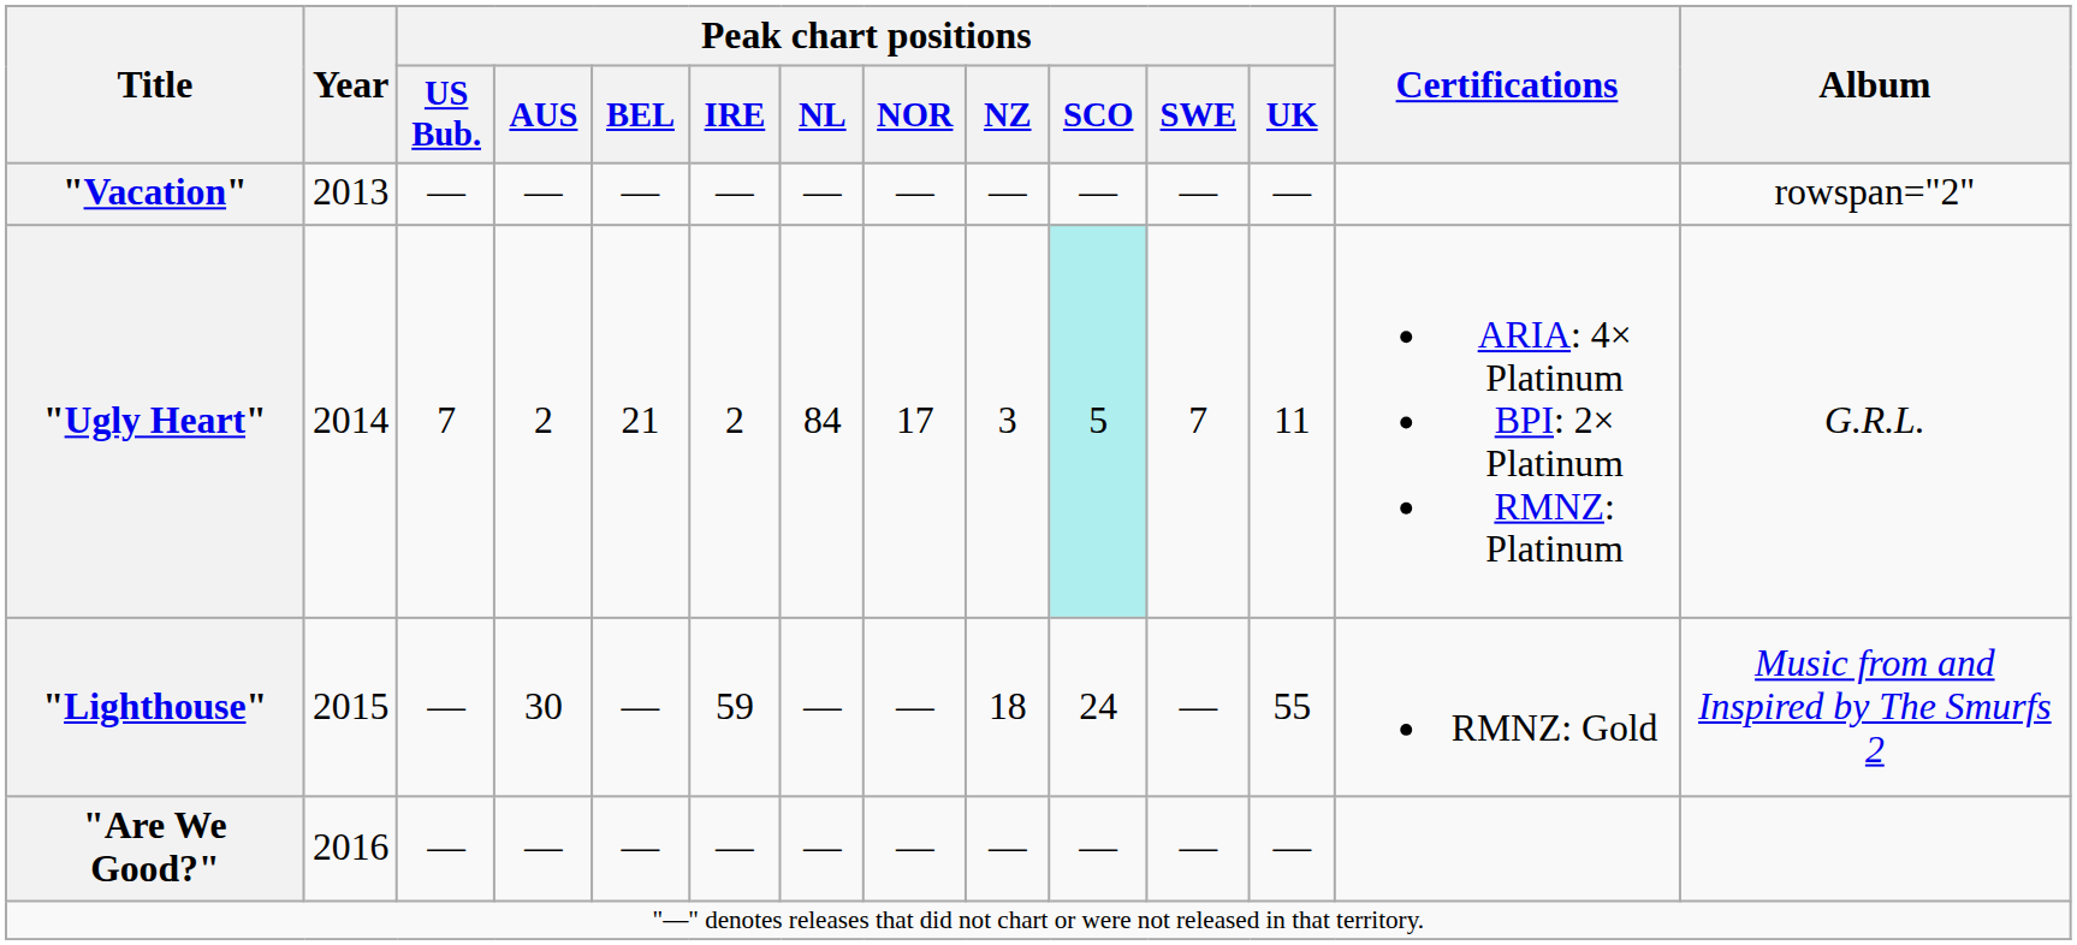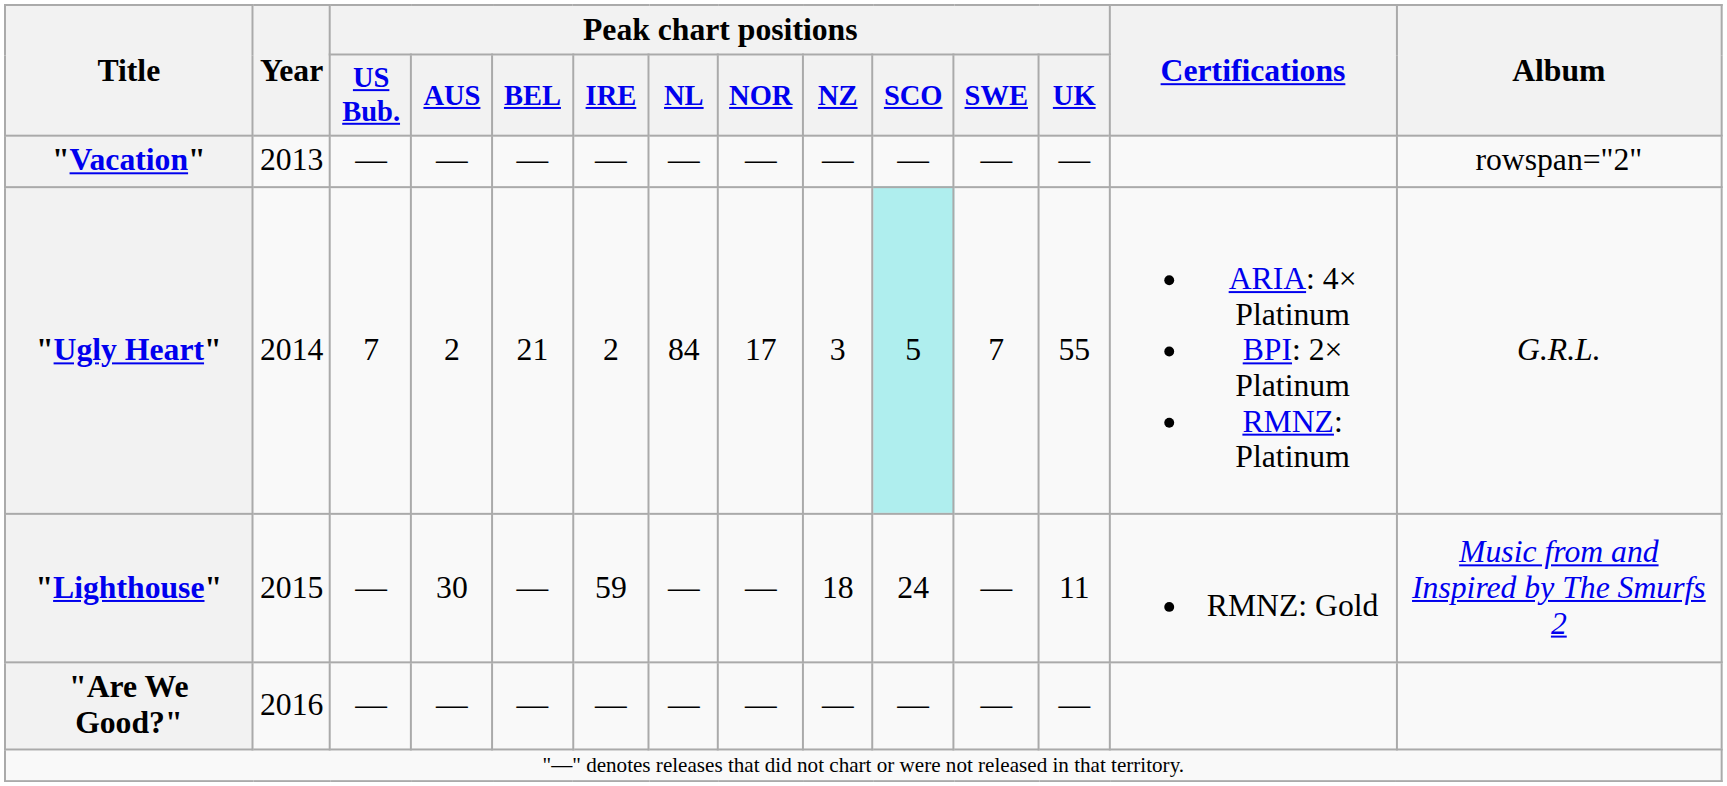 <table class="wikitable plainrowheaders" style="text-align:center;" border="1">
 <tr>
 <th scope="col" rowspan="2" style="width:10em;">Title</th>
 <th scope="col" rowspan="2" style="width:2em;">Year</th>
 <th scope="col" colspan="10">Peak chart positions</th>
 <th scope="col" rowspan="2" style="width:13em;"><a href='#'>Certifications</a></th>
 <th scope="col" rowspan="2" style="width:18em;">Album</th>
 </tr>
 <tr>
 <th scope="col" style="width:3em;font-size:90%;"><a href='#'>US<br>Bub.</a><br></th>
 <th scope="col" style="width:3em;font-size:90%;"><a href='#'>AUS</a><br></th>
 <th scope="col" style="width:3em;font-size:90%;"><a href='#'>BEL</a><br></th>
 <th scope="col" style="width:3em;font-size:90%;"><a href='#'>IRE</a><br></th>
 <th scope="col" style="width:3em;font-size:90%;"><a href='#'>NL</a><br></th>
 <th scope="col" style="width:3em;font-size:90%;"><a href='#'>NOR</a><br></th>
 <th scope="col" style="width:3em;font-size:90%;"><a href='#'>NZ</a><br></th>
 <th scope="col" style="width:3em;font-size:90%;"><a href='#'>SCO</a><br></th>
 <th scope="col" style="width:3em;font-size:90%;"><a href='#'>SWE</a><br></th>
 <th scope="col" style="width:3em;font-size:90%;"><a href='#'>UK</a><br></th>
 </tr>
 <tr>
 <th scope="row">"<a href='#'>Vacation</a>"</th>
 <td>2013</td>
 <td>—</td>
 <td>—</td>
 <td>—</td>
 <td>—</td>
 <td>—</td>
 <td>—</td>
 <td>—</td>
 <td>—</td>
 <td>—</td>
 <td>—</td>
 <td></td>
 <td>rowspan="2" </td>
 </tr>
 <tr>
 <th scope="row">"<a href='#'>Ugly Heart</a>"</th>
 <td>2014</td>
 <td>7</td>
 <td>2</td>
 <td>21</td>
 <td>2</td>
 <td>84</td>
 <td>17</td>
 <td>3</td>
 <td style="background: paleturquoise;">5</td>
 <td>7</td>
-<td>11</td>
+<td>55</td>
 <td><br><ul><li><a href='#'>ARIA</a>: 4× Platinum</li><li><a href='#'>BPI</a>: 2× Platinum</li><li><a href='#'>RMNZ</a>: Platinum</li></ul></td>
 <td><em>G.R.L.</em></td>
 </tr>
 <tr>
 <th scope="row">"<a href='#'>Lighthouse</a>"</th>
 <td>2015</td>
 <td>—</td>
 <td>30</td>
 <td>—</td>
 <td>59</td>
 <td>—</td>
 <td>—</td>
 <td>18</td>
 <td>24</td>
 <td>—</td>
-<td>55</td>
+<td>11</td>
 <td><br><ul><li>RMNZ: Gold</li></ul></td>
 <td><em><a href='#'>Music from and Inspired by The Smurfs 2</a></em></td>
 </tr>
 <tr>
 <th scope="row">"Are We Good?"</th>
 <td>2016</td>
 <td>—</td>
 <td>—</td>
 <td>—</td>
 <td>—</td>
 <td>—</td>
 <td>—</td>
 <td>—</td>
 <td>—</td>
 <td>—</td>
 <td>—</td>
 <td></td>
 </tr>
 <tr>
 <td align="center" colspan="17" style="font-size:8pt">"—" denotes releases that did not chart or were not released in that territory.</td>
 </tr>
 </table>
